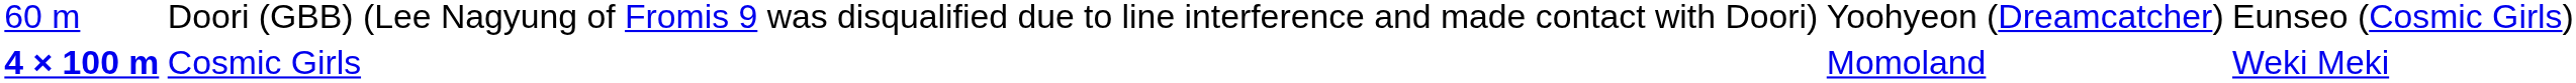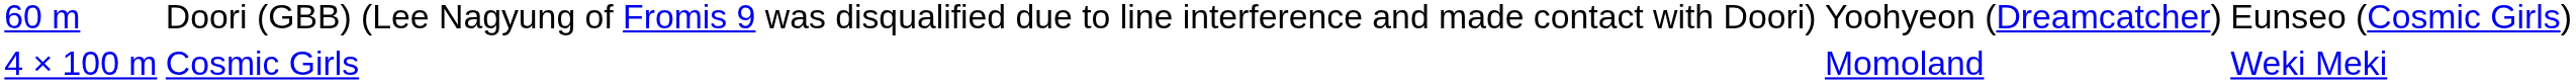 <table>
 <tr>
 <td><a href='#'>60 m</a></td>
 <td>Doori (GBB) (Lee Nagyung of <a href='#'>Fromis 9</a> was disqualified due to line interference and made contact with Doori)</td>
 <td>Yoohyeon (<a href='#'>Dreamcatcher</a>)</td>
 <td>Eunseo (<a href='#'>Cosmic Girls</a>)</td>
 </tr>
 <tr>
-<td><strong><a href='#'>4 × 100 m</a></strong></td>
+<td><a href='#'>4 × 100 m</a></td>
 <td><a href='#'>Cosmic Girls</a></td>
 <td><a href='#'>Momoland</a></td>
 <td><a href='#'>Weki Meki</a></td>
 </tr>
 </table>
